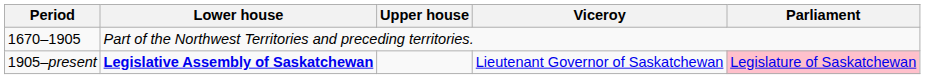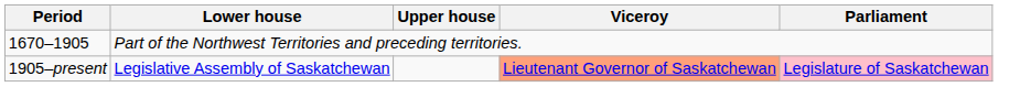 <table class="wikitable">
 <tr>
 <th>Period</th>
 <th>Lower house</th>
 <th>Upper house</th>
 <th>Viceroy</th>
 <th>Parliament</th>
 </tr>
 <tr>
 <td>1670–1905</td>
 <td colspan="4"><em>Part of the Northwest Territories and preceding territories.</em></td>
 </tr>
 <tr>
 <td>1905–<em>present</em></td>
-<td><strong><a href='#'>Legislative Assembly of Saskatchewan</a></strong></td>
+<td><a href='#'>Legislative Assembly of Saskatchewan</a></td>
 <td></td>
-<td><a href='#'>Lieutenant Governor of Saskatchewan</a></td>
+<td style="background: lightsalmon;"><a href='#'>Lieutenant Governor of Saskatchewan</a></td>
 <td style="background: pink;"><a href='#'>Legislature of Saskatchewan</a></td>
 </tr>
 </table>
